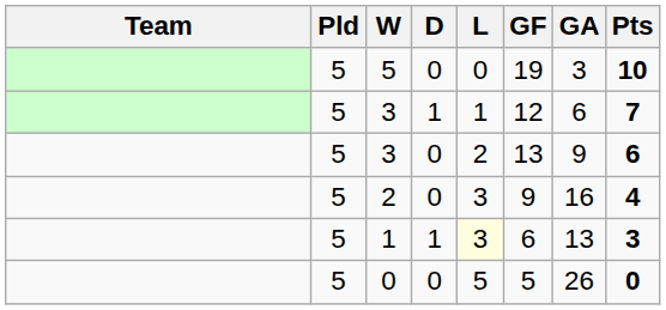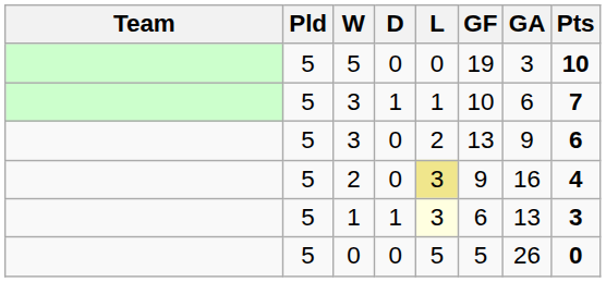 <table class=wikitable style="text-align:center">
 <tr>
 <th width=175>Team</th>
 <th width=20>Pld</th>
 <th width=20>W</th>
 <th width=20>D</th>
 <th width=20>L</th>
 <th width=20>GF</th>
 <th width=20>GA</th>
 <th width=20>Pts</th>
 </tr>
 <tr>
 <td align=left style="background:#ccffcc;"></td>
 <td>5</td>
 <td>5</td>
 <td>0</td>
 <td>0</td>
 <td>19</td>
 <td>3</td>
 <td><strong>10</strong></td>
 </tr>
 <tr>
 <td align=left style="background:#ccffcc;"></td>
 <td>5</td>
 <td>3</td>
 <td>1</td>
 <td>1</td>
-<td>12</td>
+<td>10</td>
 <td>6</td>
 <td><strong>7</strong></td>
 </tr>
 <tr>
 <td align=left></td>
 <td>5</td>
 <td>3</td>
 <td>0</td>
 <td>2</td>
 <td>13</td>
 <td>9</td>
 <td><strong>6</strong></td>
 </tr>
 <tr>
 <td align=left></td>
 <td>5</td>
 <td>2</td>
 <td>0</td>
-<td>3</td>
+<td style="background: khaki;">3</td>
 <td>9</td>
 <td>16</td>
 <td><strong>4</strong></td>
 </tr>
 <tr>
 <td align=left></td>
 <td>5</td>
 <td>1</td>
 <td>1</td>
 <td style="background: lightyellow;">3</td>
 <td>6</td>
 <td>13</td>
 <td><strong>3</strong></td>
 </tr>
 <tr>
 <td align=left></td>
 <td>5</td>
 <td>0</td>
 <td>0</td>
 <td>5</td>
 <td>5</td>
 <td>26</td>
 <td><strong>0</strong></td>
 </tr>
 </table>
